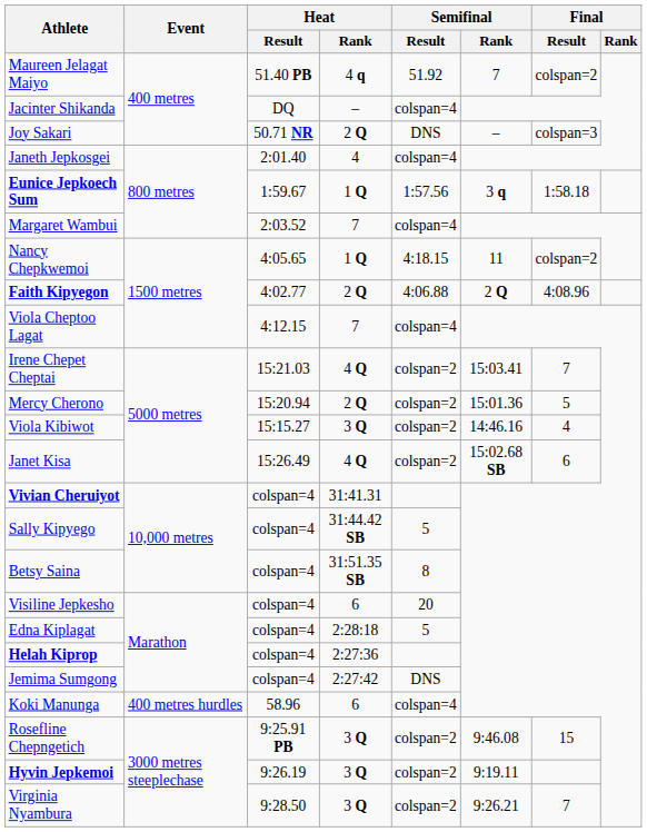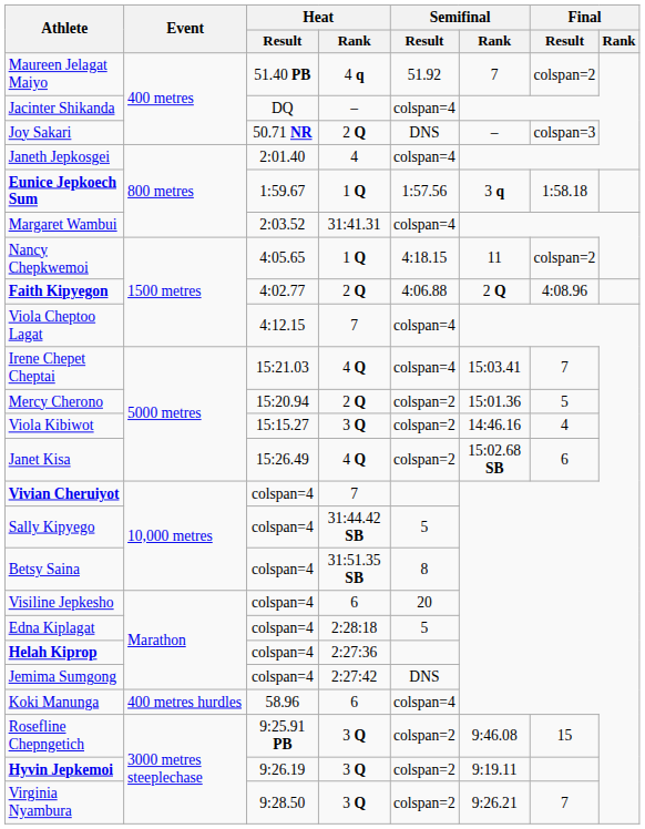 <table class="wikitable" style="font-size:90%">
 <tr>
 <th rowspan="2">Athlete</th>
 <th rowspan="2">Event</th>
 <th colspan="2">Heat</th>
 <th colspan="2">Semifinal</th>
 <th colspan="2">Final</th>
 </tr>
 <tr style="font-size:95%">
 <th>Result</th>
 <th>Rank</th>
 <th>Result</th>
 <th>Rank</th>
 <th>Result</th>
 <th>Rank</th>
 </tr>
 <tr style=text-align:center>
 <td style=text-align:left><a href='#'>Maureen Jelagat Maiyo</a></td>
 <td style=text-align:left rowspan=3><a href='#'>400 metres</a></td>
 <td>51.40 <strong>PB</strong></td>
 <td>4 <strong>q</strong></td>
 <td>51.92</td>
 <td>7</td>
 <td>colspan=2 </td>
 </tr>
 <tr style=text-align:center>
 <td style=text-align:left><a href='#'>Jacinter Shikanda</a></td>
 <td>DQ</td>
 <td>–</td>
 <td>colspan=4 </td>
 </tr>
 <tr style=text-align:center>
 <td style=text-align:left><a href='#'>Joy Sakari</a></td>
 <td>50.71 <strong><a href='#'>NR</a></strong></td>
 <td>2 <strong>Q</strong></td>
 <td>DNS</td>
 <td>–</td>
 <td>colspan=3 </td>
 </tr>
 <tr style=text-align:center>
 <td style=text-align:left><a href='#'>Janeth Jepkosgei</a></td>
 <td style=text-align:left rowspan=3><a href='#'>800 metres</a></td>
 <td>2:01.40</td>
 <td>4</td>
 <td>colspan=4 </td>
 </tr>
 <tr style=text-align:center>
 <td style=text-align:left><strong><a href='#'>Eunice Jepkoech Sum</a></strong></td>
 <td>1:59.67</td>
 <td>1 <strong>Q</strong></td>
 <td>1:57.56</td>
 <td>3 <strong>q</strong></td>
 <td>1:58.18</td>
 <td></td>
 </tr>
 <tr style=text-align:center>
 <td style=text-align:left><a href='#'>Margaret Wambui</a></td>
 <td>2:03.52</td>
-<td>7</td>
+<td>31:41.31</td>
 <td>colspan=4 </td>
 </tr>
 <tr style=text-align:center>
 <td style=text-align:left><a href='#'>Nancy Chepkwemoi</a></td>
 <td style=text-align:left rowspan=3><a href='#'>1500 metres</a></td>
 <td>4:05.65</td>
 <td>1 <strong>Q</strong></td>
 <td>4:18.15</td>
 <td>11</td>
 <td>colspan=2 </td>
 </tr>
 <tr style=text-align:center>
 <td style=text-align:left><strong><a href='#'>Faith Kipyegon</a></strong></td>
 <td>4:02.77</td>
 <td>2 <strong>Q</strong></td>
 <td>4:06.88</td>
 <td>2 <strong>Q</strong></td>
 <td>4:08.96</td>
 <td></td>
 </tr>
 <tr style=text-align:center>
 <td style=text-align:left><a href='#'>Viola Cheptoo Lagat</a></td>
 <td>4:12.15</td>
 <td>7</td>
 <td>colspan=4 </td>
 </tr>
 <tr style=text-align:center>
 <td style=text-align:left><a href='#'>Irene Chepet Cheptai</a></td>
 <td style=text-align:left rowspan=4><a href='#'>5000 metres</a></td>
 <td>15:21.03</td>
 <td>4 <strong>Q</strong></td>
-<td>colspan=2 </td>
+<td>colspan=4 </td>
 <td>15:03.41</td>
 <td>7</td>
 </tr>
 <tr style=text-align:center>
 <td style=text-align:left><a href='#'>Mercy Cherono</a></td>
 <td>15:20.94</td>
 <td>2 <strong>Q</strong></td>
 <td>colspan=2 </td>
 <td>15:01.36</td>
 <td>5</td>
 </tr>
 <tr style=text-align:center>
 <td style=text-align:left><a href='#'>Viola Kibiwot</a></td>
 <td>15:15.27</td>
 <td>3 <strong>Q</strong></td>
 <td>colspan=2 </td>
 <td>14:46.16</td>
 <td>4</td>
 </tr>
 <tr style=text-align:center>
 <td style=text-align:left><a href='#'>Janet Kisa</a></td>
 <td>15:26.49</td>
 <td>4 <strong>Q</strong></td>
 <td>colspan=2 </td>
 <td>15:02.68 <strong>SB</strong></td>
 <td>6</td>
 </tr>
 <tr style=text-align:center>
 <td style=text-align:left><strong><a href='#'>Vivian Cheruiyot</a></strong></td>
 <td style=text-align:left rowspan=3><a href='#'>10,000 metres</a></td>
 <td>colspan=4 </td>
-<td>31:41.31</td>
+<td>7</td>
 <td></td>
 </tr>
 <tr style=text-align:center>
 <td style=text-align:left><a href='#'>Sally Kipyego</a></td>
 <td>colspan=4 </td>
 <td>31:44.42 <strong>SB</strong></td>
 <td>5</td>
 </tr>
 <tr style=text-align:center>
 <td style=text-align:left><a href='#'>Betsy Saina</a></td>
 <td>colspan=4 </td>
 <td>31:51.35 <strong>SB</strong></td>
 <td>8</td>
 </tr>
 <tr style=text-align:center>
 <td style=text-align:left><a href='#'>Visiline Jepkesho</a></td>
 <td style=text-align:left rowspan=4><a href='#'>Marathon</a></td>
 <td>colspan=4 </td>
 <td>6</td>
 <td>20</td>
 </tr>
 <tr style=text-align:center>
 <td style=text-align:left><a href='#'>Edna Kiplagat</a></td>
 <td>colspan=4 </td>
 <td>2:28:18</td>
 <td>5</td>
 </tr>
 <tr style=text-align:center>
 <td style=text-align:left><strong><a href='#'>Helah Kiprop</a></strong></td>
 <td>colspan=4 </td>
 <td>2:27:36</td>
 <td></td>
 </tr>
 <tr style=text-align:center>
 <td style=text-align:left><a href='#'>Jemima Sumgong</a></td>
 <td>colspan=4 </td>
 <td>2:27:42</td>
 <td>DNS</td>
 </tr>
 <tr style=text-align:center>
 <td style=text-align:left><a href='#'>Koki Manunga</a></td>
 <td style=text-align:left><a href='#'>400 metres hurdles</a></td>
 <td>58.96</td>
 <td>6</td>
 <td>colspan=4 </td>
 </tr>
 <tr style=text-align:center>
 <td style=text-align:left><a href='#'>Rosefline Chepngetich</a></td>
 <td style=text-align:left rowspan=3><a href='#'>3000 metres steeplechase</a></td>
 <td>9:25.91 <strong>PB</strong></td>
 <td>3 <strong>Q</strong></td>
 <td>colspan=2 </td>
 <td>9:46.08</td>
 <td>15</td>
 </tr>
 <tr style=text-align:center>
 <td style=text-align:left><strong><a href='#'>Hyvin Jepkemoi</a></strong></td>
 <td>9:26.19</td>
 <td>3 <strong>Q</strong></td>
 <td>colspan=2 </td>
 <td>9:19.11</td>
 <td></td>
 </tr>
 <tr style=text-align:center>
 <td style=text-align:left><a href='#'>Virginia Nyambura</a></td>
 <td>9:28.50</td>
 <td>3 <strong>Q</strong></td>
 <td>colspan=2 </td>
 <td>9:26.21</td>
 <td>7</td>
 </tr>
 </table>
